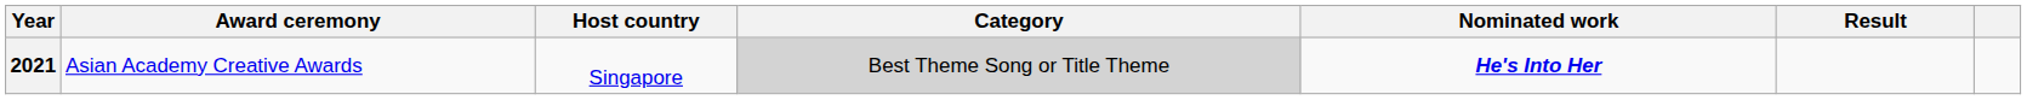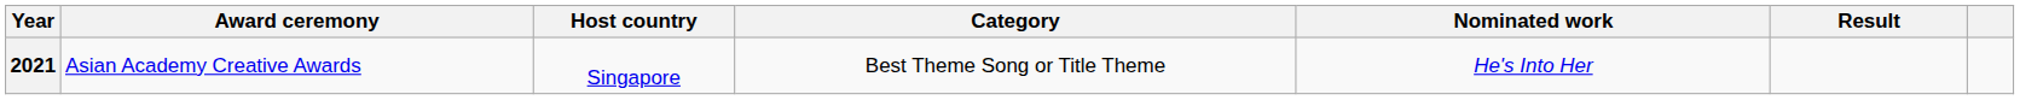 <table class="wikitable sortable" style="text-align:left;">
 <tr>
 <th scope="col" style="width:1em;">Year</th>
 <th scope="col" style="width:25em;">Award ceremony</th>
 <th scope="col" style="width:10em;">Host country</th>
 <th scope="col" style="width:30em;">Category</th>
 <th scope="col" style="width:25em;">Nominated work</th>
 <th scope="col" style="width:10em;">Result</th>
 <th scope="col" style="width:2em;"></th>
 </tr>
 <tr>
 <th align="center" rowspan="2">2021</th>
 <td scope="row"><a href='#'>Asian Academy Creative Awards</a></td>
 <td align="center"> <br> <a href='#'>Singapore</a></td>
-<td align="center" style="background: lightgrey;">Best Theme Song or Title Theme</td>
-<td align="center"><strong><em><a href='#'>He's Into Her</a></em></strong></td>
+<td align="center">Best Theme Song or Title Theme</td>
+<td align="center"><em><a href='#'>He's Into Her</a></em></td>
 <td></td>
 <td align="center"></td>
 </tr>
 </table>
